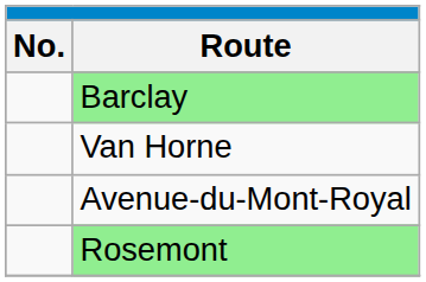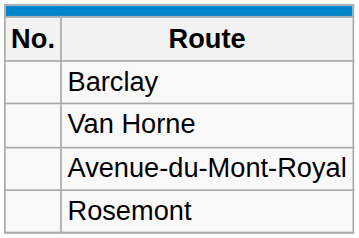 <table align=center class="wikitable">
 <tr>
 <th style="background: #0085CA; font-size:100%; color:#FFFFFF;"colspan="4"><a href='#'></a></th>
 </tr>
 <tr>
 <th>No.</th>
 <th>Route</th>
 </tr>
 <tr>
 <td></td>
-<td style="background: lightgreen;">Barclay</td>
+<td>Barclay</td>
 </tr>
 <tr>
 <td {{Avoid wrap> </td>
 <td>Van Horne</td>
 </tr>
 <tr>
 <td {{Avoid wrap> </td>
 <td>Avenue-du-Mont-Royal</td>
 </tr>
 <tr>
 <td {{Avoid wrap> </td>
-<td style="background: lightgreen;">Rosemont</td>
+<td>Rosemont</td>
 </tr>
 <tr>
 </tr>
 </table>
